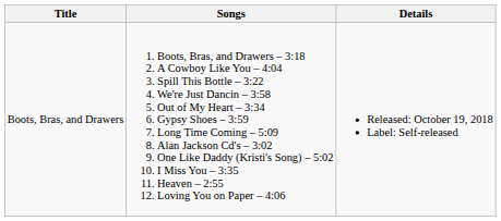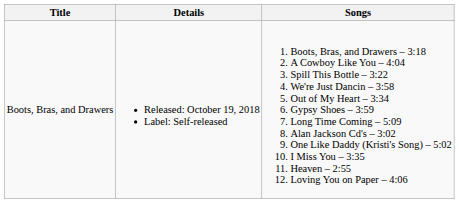 <table class="wikitable">
 <tr>
 <th>Title</th>
+<th>Details</th>
 <th>Songs</th>
-<th>Details</th>
 </tr>
 <tr>
 <td>Boots, Bras, and Drawers</td>
+<td><br><ul><li>Released: October 19, 2018</li><li>Label: Self-released</li></ul></td>
 <td><br><ol><li>Boots, Bras, and Drawers – 3:18</li><li>A Cowboy Like You – 4:04</li><li>Spill This Bottle – 3:22</li><li>We're Just Dancin – 3:58</li><li>Out of My Heart – 3:34</li><li>Gypsy Shoes – 3:59</li><li>Long Time Coming – 5:09</li><li>Alan Jackson Cd's – 3:02</li><li>One Like Daddy (Kristi's Song) – 5:02</li><li>I Miss You – 3:35</li><li>Heaven – 2:55</li><li>Loving You on Paper – 4:06</li></ol></td>
-<td><br><ul><li>Released: October 19, 2018</li><li>Label: Self-released</li></ul></td>
 </tr>
 </table>
